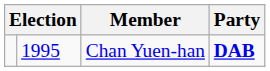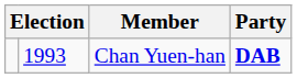 <table class="wikitable">
 <tr>
 <th colspan="2">Election</th>
 <th>Member</th>
 <th>Party</th>
 </tr>
 <tr>
 <td style="background-color: "></td>
-<td><a href='#'>1995</a></td>
+<td><a href='#'>1993</a></td>
 <td><a href='#'>Chan Yuen-han</a></td>
 <td><strong><a href='#'>DAB</a></strong></td>
 </tr>
 </table>
